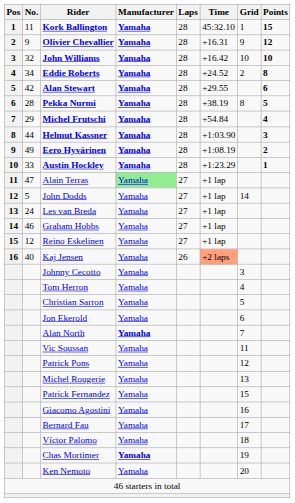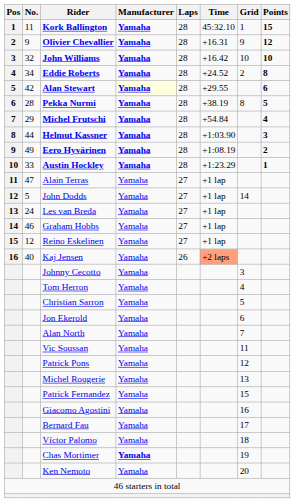 <table class="wikitable" style="font-size: 95%;">
 <tr>
 <th>Pos</th>
 <th>No.</th>
 <th>Rider</th>
 <th>Manufacturer</th>
 <th>Laps</th>
 <th>Time</th>
 <th>Grid</th>
 <th>Points</th>
 </tr>
 <tr>
 <th>1</th>
 <td>11</td>
 <td> <strong><a href='#'>Kork Ballington</a></strong></td>
 <td><strong><a href='#'>Yamaha</a></strong></td>
 <td>28</td>
 <td>45:32.10</td>
 <td>1</td>
 <td><strong>15</strong></td>
 </tr>
 <tr>
 <th>2</th>
 <td>9</td>
 <td> <strong><a href='#'>Olivier Chevallier</a></strong></td>
 <td><strong><a href='#'>Yamaha</a></strong></td>
 <td>28</td>
 <td>+16.31</td>
 <td>9</td>
 <td><strong>12</strong></td>
 </tr>
 <tr>
 <th>3</th>
 <td>32</td>
 <td> <strong><a href='#'>John Williams</a></strong></td>
 <td><strong><a href='#'>Yamaha</a></strong></td>
 <td>28</td>
 <td>+16.42</td>
 <td>10</td>
 <td><strong>10</strong></td>
 </tr>
 <tr>
 <th>4</th>
 <td>34</td>
 <td> <strong><a href='#'>Eddie Roberts</a></strong></td>
 <td><strong><a href='#'>Yamaha</a></strong></td>
 <td>28</td>
 <td>+24.52</td>
 <td>2</td>
 <td><strong>8</strong></td>
 </tr>
 <tr>
 <th>5</th>
 <td>42</td>
 <td> <strong><a href='#'>Alan Stewart</a></strong></td>
-<td><strong><a href='#'>Yamaha</a></strong></td>
+<td style="background: lightyellow;"><strong><a href='#'>Yamaha</a></strong></td>
 <td>28</td>
 <td>+29.55</td>
 <td></td>
 <td><strong>6</strong></td>
 </tr>
 <tr>
 <th>6</th>
 <td>28</td>
 <td> <strong><a href='#'>Pekka Nurmi</a></strong></td>
 <td><strong><a href='#'>Yamaha</a></strong></td>
 <td>28</td>
 <td>+38.19</td>
 <td>8</td>
 <td><strong>5</strong></td>
 </tr>
 <tr>
 <th>7</th>
 <td>29</td>
 <td> <strong><a href='#'>Michel Frutschi</a></strong></td>
 <td><strong><a href='#'>Yamaha</a></strong></td>
 <td>28</td>
 <td>+54.84</td>
 <td></td>
 <td><strong>4</strong></td>
 </tr>
 <tr>
 <th>8</th>
 <td>44</td>
 <td> <strong><a href='#'>Helmut Kassner</a></strong></td>
 <td><strong><a href='#'>Yamaha</a></strong></td>
 <td>28</td>
 <td>+1:03.90</td>
 <td></td>
 <td><strong>3</strong></td>
 </tr>
 <tr>
 <th>9</th>
 <td>49</td>
 <td> <strong><a href='#'>Eero Hyvärinen</a></strong></td>
 <td><strong><a href='#'>Yamaha</a></strong></td>
 <td>28</td>
 <td>+1:08.19</td>
 <td></td>
 <td><strong>2</strong></td>
 </tr>
 <tr>
 <th>10</th>
 <td>33</td>
 <td> <strong><a href='#'>Austin Hockley</a></strong></td>
 <td><strong><a href='#'>Yamaha</a></strong></td>
 <td>28</td>
 <td>+1:23.29</td>
 <td></td>
 <td><strong>1</strong></td>
 </tr>
 <tr>
 <th>11</th>
 <td>47</td>
 <td> <a href='#'>Alain Terras</a></td>
-<td style="background: lightgreen;"><a href='#'>Yamaha</a></td>
+<td><a href='#'>Yamaha</a></td>
 <td>27</td>
 <td>+1 lap</td>
 <td></td>
 <td></td>
 </tr>
 <tr>
 <th>12</th>
 <td>5</td>
 <td> <a href='#'>John Dodds</a></td>
 <td><a href='#'>Yamaha</a></td>
 <td>27</td>
 <td>+1 lap</td>
 <td>14</td>
 <td></td>
 </tr>
 <tr>
 <th>13</th>
 <td>24</td>
 <td> <a href='#'>Les van Breda</a></td>
 <td><a href='#'>Yamaha</a></td>
 <td>27</td>
 <td>+1 lap</td>
 <td></td>
 <td></td>
 </tr>
 <tr>
 <th>14</th>
 <td>46</td>
 <td> <a href='#'>Graham Hobbs</a></td>
 <td><a href='#'>Yamaha</a></td>
 <td>27</td>
 <td>+1 lap</td>
 <td></td>
 <td></td>
 </tr>
 <tr>
 <th>15</th>
 <td>12</td>
 <td> <a href='#'>Reino Eskelinen</a></td>
 <td><a href='#'>Yamaha</a></td>
 <td>27</td>
 <td>+1 lap</td>
 <td></td>
 <td></td>
 </tr>
 <tr>
 <th>16</th>
 <td>40</td>
 <td> <a href='#'>Kaj Jensen</a></td>
 <td><a href='#'>Yamaha</a></td>
 <td>26</td>
 <td style="background: lightsalmon;">+2 laps</td>
 <td></td>
 <td></td>
 </tr>
 <tr>
 <th></th>
 <td></td>
 <td> <a href='#'>Johnny Cecotto</a></td>
 <td><a href='#'>Yamaha</a></td>
 <td></td>
 <td></td>
 <td>3</td>
 <td></td>
 </tr>
 <tr>
 <th></th>
 <td></td>
 <td> <a href='#'>Tom Herron</a></td>
 <td><a href='#'>Yamaha</a></td>
 <td></td>
 <td></td>
 <td>4</td>
 <td></td>
 </tr>
 <tr>
 <th></th>
 <td></td>
 <td> <a href='#'>Christian Sarron</a></td>
 <td><a href='#'>Yamaha</a></td>
 <td></td>
 <td></td>
 <td>5</td>
 <td></td>
 </tr>
 <tr>
 <th></th>
 <td></td>
 <td> <a href='#'>Jon Ekerold</a></td>
 <td><a href='#'>Yamaha</a></td>
 <td></td>
 <td></td>
 <td>6</td>
 <td></td>
 </tr>
 <tr>
 <th></th>
 <td></td>
 <td> <a href='#'>Alan North</a></td>
-<td><strong><a href='#'>Yamaha</a></strong></td>
+<td><a href='#'>Yamaha</a></td>
 <td></td>
 <td></td>
 <td>7</td>
 <td></td>
 </tr>
 <tr>
 <th></th>
 <td></td>
 <td> <a href='#'>Vic Soussan</a></td>
 <td><a href='#'>Yamaha</a></td>
 <td></td>
 <td></td>
 <td>11</td>
 <td></td>
 </tr>
 <tr>
 <th></th>
 <td></td>
 <td> <a href='#'>Patrick Pons</a></td>
 <td><a href='#'>Yamaha</a></td>
 <td></td>
 <td></td>
 <td>12</td>
 <td></td>
 </tr>
 <tr>
 <th></th>
 <td></td>
 <td> <a href='#'>Michel Rougerie</a></td>
 <td><a href='#'>Yamaha</a></td>
 <td></td>
 <td></td>
 <td>13</td>
 <td></td>
 </tr>
 <tr>
 <th></th>
 <td></td>
 <td> <a href='#'>Patrick Fernandez</a></td>
 <td><a href='#'>Yamaha</a></td>
 <td></td>
 <td></td>
 <td>15</td>
 <td></td>
 </tr>
 <tr>
 <th></th>
 <td></td>
 <td> <a href='#'>Giacomo Agostini</a></td>
 <td><a href='#'>Yamaha</a></td>
 <td></td>
 <td></td>
 <td>16</td>
 <td></td>
 </tr>
 <tr>
 <th></th>
 <td></td>
 <td> <a href='#'>Bernard Fau</a></td>
 <td><a href='#'>Yamaha</a></td>
 <td></td>
 <td></td>
 <td>17</td>
 <td></td>
 </tr>
 <tr>
 <th></th>
 <td></td>
 <td> <a href='#'>Víctor Palomo</a></td>
 <td><a href='#'>Yamaha</a></td>
 <td></td>
 <td></td>
 <td>18</td>
 <td></td>
 </tr>
 <tr>
 <th></th>
 <td></td>
 <td> <a href='#'>Chas Mortimer</a></td>
 <td><strong><a href='#'>Yamaha</a></strong></td>
 <td></td>
 <td></td>
 <td>19</td>
 <td></td>
 </tr>
 <tr>
 <th></th>
 <td></td>
 <td> <a href='#'>Ken Nemoto</a></td>
 <td><a href='#'>Yamaha</a></td>
 <td></td>
 <td></td>
 <td>20</td>
 <td></td>
 </tr>
 <tr>
 <td colspan=8 align=center>46 starters in total</td>
 </tr>
 <tr>
 <th colspan=8></th>
 </tr>
 </table>
